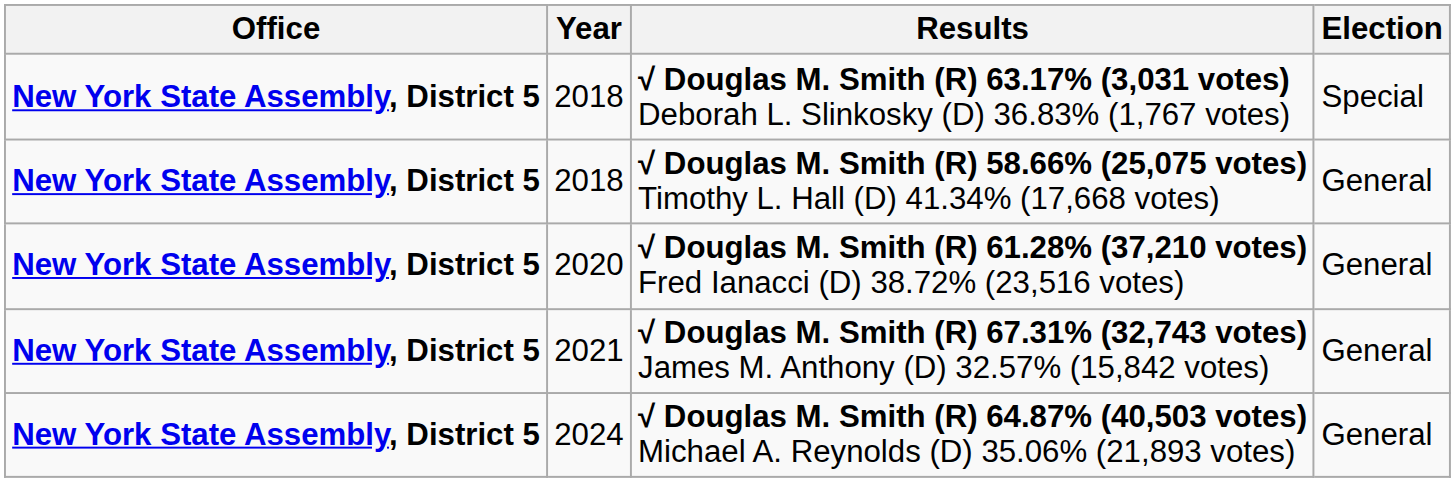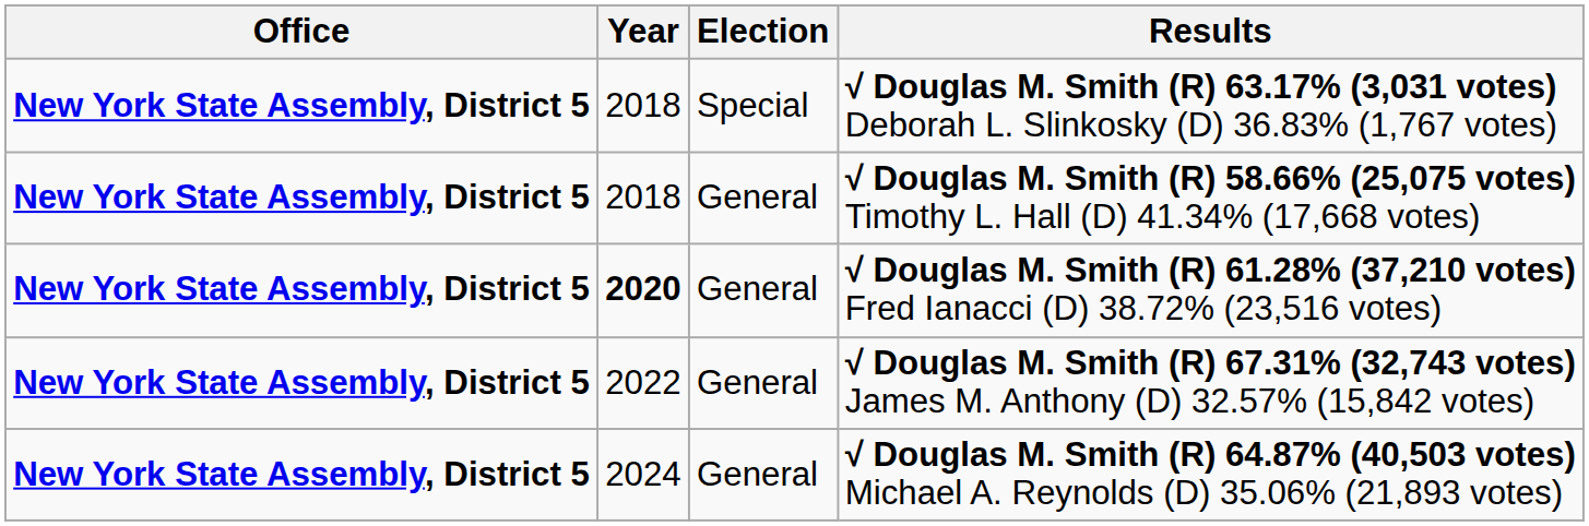 <table class="wikitable">
 <tr>
 <th>Office</th>
 <th>Year</th>
+<th>Election</th>
 <th>Results</th>
-<th>Election</th>
 </tr>
 <tr>
 <td><strong><a href='#'>New York State Assembly</a>, District 5</strong></td>
 <td>2018</td>
+<td>Special</td>
 <td><strong>√ Douglas M. Smith (R) 63.17% (3,031 votes)</strong><br>Deborah L. Slinkosky (D) 36.83% (1,767 votes)</td>
-<td>Special</td>
 </tr>
 <tr>
 <td><strong><a href='#'>New York State Assembly</a>, District 5</strong></td>
 <td>2018</td>
+<td>General</td>
 <td><strong>√ Douglas M. Smith (R) 58.66% (25,075 votes)</strong><br>Timothy L. Hall (D) 41.34% (17,668 votes)</td>
-<td>General</td>
 </tr>
 <tr>
 <td><strong><a href='#'>New York State Assembly</a>, District 5</strong></td>
-<td>2020</td>
+<td><strong>2020</strong></td>
+<td>General</td>
 <td><strong>√ Douglas M. Smith (R) 61.28% (37,210 votes)</strong><br>Fred Ianacci (D) 38.72% (23,516 votes)</td>
-<td>General</td>
 </tr>
 <tr>
 <td><strong><a href='#'>New York State Assembly</a>, District 5</strong></td>
-<td>2021</td>
+<td>2022</td>
+<td>General</td>
 <td><strong>√ Douglas M. Smith (R) 67.31% (32,743 votes)</strong><br>James M. Anthony (D) 32.57% (15,842 votes)</td>
-<td>General</td>
 </tr>
 <tr>
 <td><strong><a href='#'>New York State Assembly</a>, District 5</strong></td>
 <td>2024</td>
+<td>General</td>
 <td><strong>√ Douglas M. Smith (R) 64.87% (40,503 votes)</strong><br>Michael A. Reynolds (D) 35.06% (21,893 votes)</td>
-<td>General</td>
 </tr>
 </table>
